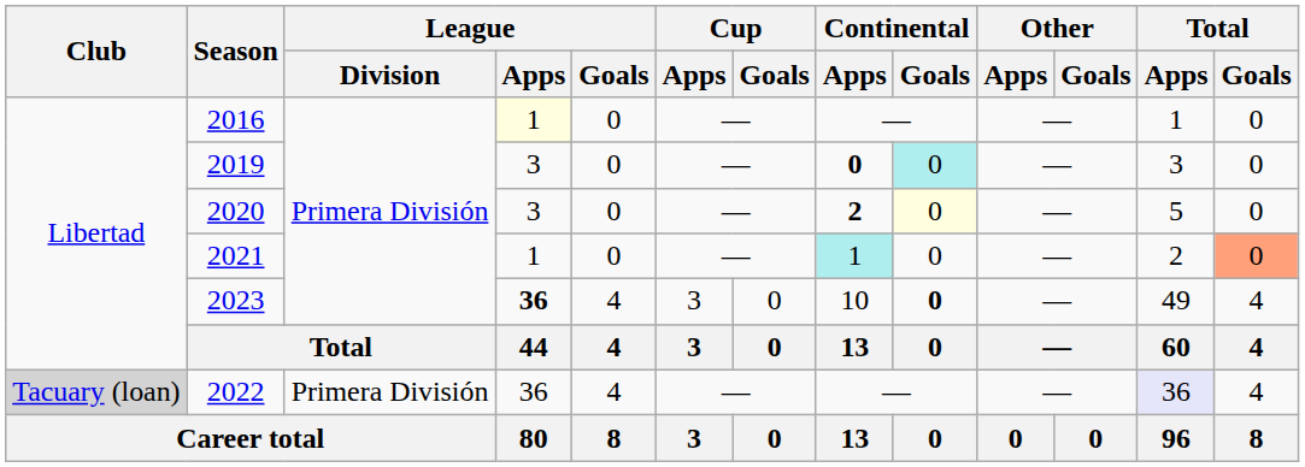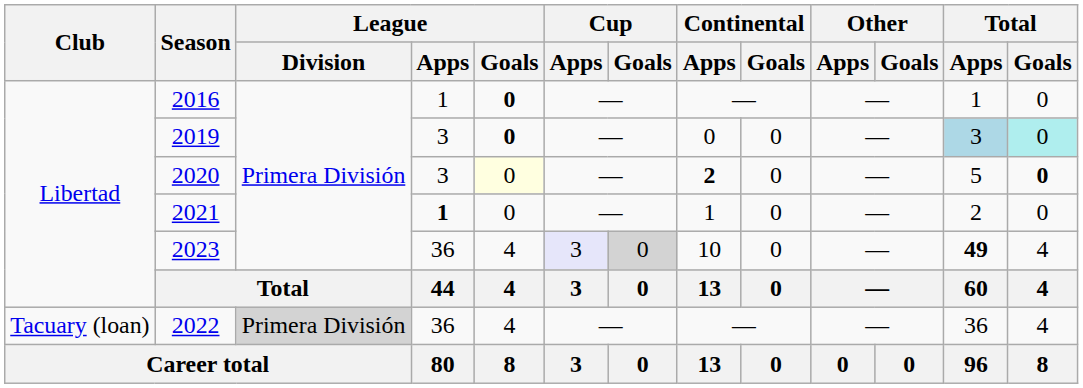 <table class="wikitable" style="text-align: center;">
 <tr>
 <th rowspan="2">Club</th>
 <th rowspan="2">Season</th>
 <th colspan="3">League</th>
 <th colspan="2">Cup</th>
 <th colspan="2">Continental</th>
 <th colspan="2">Other</th>
 <th colspan="2">Total</th>
 </tr>
 <tr>
 <th>Division</th>
 <th>Apps</th>
 <th>Goals</th>
 <th>Apps</th>
 <th>Goals</th>
 <th>Apps</th>
 <th>Goals</th>
 <th>Apps</th>
 <th>Goals</th>
 <th>Apps</th>
 <th>Goals</th>
 </tr>
 <tr>
 <td rowspan="6"><a href='#'>Libertad</a></td>
 <td><a href='#'>2016</a></td>
 <td rowspan="5"><a href='#'>Primera División</a></td>
-<td style="background: lightyellow;">1</td>
-<td>0</td>
+<td>1</td>
+<td><strong>0</strong></td>
 <td colspan="2">—</td>
 <td colspan="2">—</td>
 <td colspan="2">—</td>
 <td>1</td>
 <td>0</td>
 </tr>
 <tr>
 <td><a href='#'>2019</a></td>
 <td>3</td>
+<td><strong>0</strong></td>
+<td colspan="2">—</td>
+<td>0</td>
 <td>0</td>
 <td colspan="2">—</td>
-<td><strong>0</strong></td>
+<td style="background: lightblue;">3</td>
 <td style="background: paleturquoise;">0</td>
-<td colspan="2">—</td>
-<td>3</td>
-<td>0</td>
 </tr>
 <tr>
 <td><a href='#'>2020</a></td>
 <td>3</td>
+<td style="background: lightyellow;">0</td>
+<td colspan="2">—</td>
+<td><strong>2</strong></td>
 <td>0</td>
 <td colspan="2">—</td>
-<td><strong>2</strong></td>
-<td style="background: lightyellow;">0</td>
+<td>5</td>
+<td><strong>0</strong></td>
+</tr>
+<tr>
+<td><a href='#'>2021</a></td>
+<td><strong>1</strong></td>
+<td>0</td>
 <td colspan="2">—</td>
-<td>5</td>
+<td>1</td>
+<td>0</td>
+<td colspan="2">—</td>
+<td>2</td>
 <td>0</td>
 </tr>
 <tr>
-<td><a href='#'>2021</a></td>
-<td>1</td>
+<td><a href='#'>2023</a></td>
+<td>36</td>
+<td>4</td>
+<td style="background: lavender;">3</td>
+<td style="background: lightgrey;">0</td>
+<td>10</td>
 <td>0</td>
 <td colspan="2">—</td>
-<td style="background: paleturquoise;">1</td>
-<td>0</td>
-<td colspan="2">—</td>
-<td>2</td>
-<td style="background: lightsalmon;">0</td>
-</tr>
-<tr>
-<td><a href='#'>2023</a></td>
-<td><strong>36</strong></td>
-<td>4</td>
-<td>3</td>
-<td>0</td>
-<td>10</td>
-<td><strong>0</strong></td>
-<td colspan="2">—</td>
-<td>49</td>
+<td><strong>49</strong></td>
 <td>4</td>
 </tr>
 <tr>
 <th colspan="2">Total</th>
 <th>44</th>
 <th>4</th>
 <th>3</th>
 <th>0</th>
 <th>13</th>
 <th>0</th>
 <th colspan="2">—</th>
 <th>60</th>
 <th>4</th>
 </tr>
 <tr>
-<td style="background: lightgrey;"><a href='#'>Tacuary</a> (loan)</td>
+<td><a href='#'>Tacuary</a> (loan)</td>
 <td><a href='#'>2022</a></td>
-<td>Primera División</td>
+<td style="background: lightgrey;">Primera División</td>
 <td>36</td>
 <td>4</td>
 <td colspan="2">—</td>
 <td colspan="2">—</td>
 <td colspan="2">—</td>
-<td style="background: lavender;">36</td>
+<td>36</td>
 <td>4</td>
 </tr>
 <tr>
 <th colspan="3">Career total</th>
 <th>80</th>
 <th>8</th>
 <th>3</th>
 <th>0</th>
 <th>13</th>
 <th>0</th>
 <th>0</th>
 <th>0</th>
 <th>96</th>
 <th>8</th>
 </tr>
 </table>
